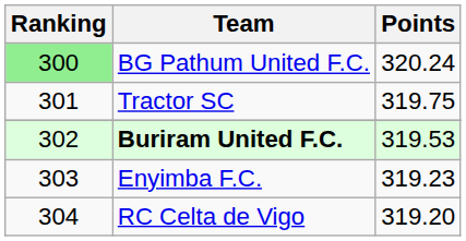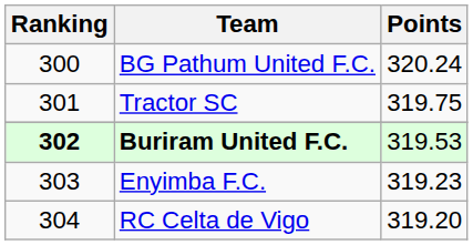 <table class="wikitable" style="text-align: center;">
 <tr>
 <th>Ranking</th>
 <th>Team</th>
 <th>Points</th>
 </tr>
 <tr>
-<td style="background: lightgreen;">300</td>
+<td>300</td>
 <td align=left> <a href='#'>BG Pathum United F.C.</a></td>
 <td>320.24</td>
 </tr>
 <tr>
 <td>301</td>
 <td align=left> <a href='#'>Tractor SC</a></td>
 <td>319.75</td>
 </tr>
 <tr>
 </tr>
 <tr bgcolor="#ddffdd">
-<td>302</td>
+<td><strong>302</strong></td>
 <td align=left> <strong>Buriram United F.C.</strong></td>
 <td>319.53</td>
 </tr>
 <tr>
 <td>303</td>
 <td align=left> <a href='#'>Enyimba F.C.</a></td>
 <td>319.23</td>
 </tr>
 <tr>
 <td>304</td>
 <td align=left> <a href='#'>RC Celta de Vigo</a></td>
 <td>319.20</td>
 </tr>
 </table>
